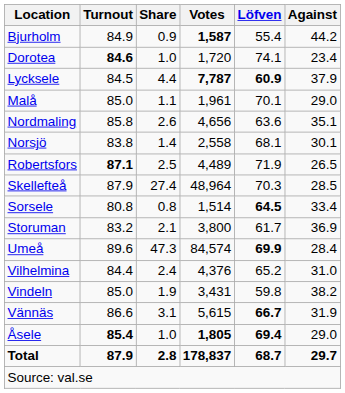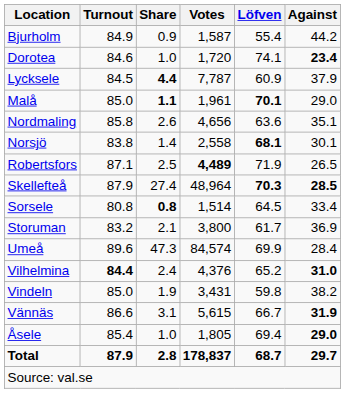 <table class="wikitable sortable" style=text-align:right>
 <tr>
 <th>Location</th>
 <th>Turnout</th>
 <th>Share</th>
 <th>Votes</th>
 <th><a href='#'>Löfven</a></th>
 <th>Against</th>
 </tr>
 <tr>
 <td align=left><a href='#'>Bjurholm</a></td>
 <td>84.9</td>
 <td>0.9</td>
-<td><strong>1,587</strong></td>
+<td>1,587</td>
 <td>55.4</td>
 <td>44.2</td>
 </tr>
 <tr>
 <td align=left><a href='#'>Dorotea</a></td>
-<td><strong>84.6</strong></td>
+<td>84.6</td>
 <td>1.0</td>
 <td>1,720</td>
 <td>74.1</td>
-<td>23.4</td>
+<td><strong>23.4</strong></td>
 </tr>
 <tr>
 <td align=left><a href='#'>Lycksele</a></td>
 <td>84.5</td>
-<td>4.4</td>
-<td><strong>7,787</strong></td>
-<td><strong>60.9</strong></td>
+<td><strong>4.4</strong></td>
+<td>7,787</td>
+<td>60.9</td>
 <td>37.9</td>
 </tr>
 <tr>
 <td align=left><a href='#'>Malå</a></td>
 <td>85.0</td>
-<td>1.1</td>
+<td><strong>1.1</strong></td>
 <td>1,961</td>
-<td>70.1</td>
+<td><strong>70.1</strong></td>
 <td>29.0</td>
 </tr>
 <tr>
 <td align=left><a href='#'>Nordmaling</a></td>
 <td>85.8</td>
 <td>2.6</td>
 <td>4,656</td>
 <td>63.6</td>
 <td>35.1</td>
 </tr>
 <tr>
 <td align=left><a href='#'>Norsjö</a></td>
 <td>83.8</td>
 <td>1.4</td>
 <td>2,558</td>
-<td>68.1</td>
+<td><strong>68.1</strong></td>
 <td>30.1</td>
 </tr>
 <tr>
 <td align=left><a href='#'>Robertsfors</a></td>
-<td><strong>87.1</strong></td>
+<td>87.1</td>
 <td>2.5</td>
-<td>4,489</td>
+<td><strong>4,489</strong></td>
 <td>71.9</td>
 <td>26.5</td>
 </tr>
 <tr>
 <td align=left><a href='#'>Skellefteå</a></td>
 <td>87.9</td>
 <td>27.4</td>
 <td>48,964</td>
-<td>70.3</td>
-<td>28.5</td>
+<td><strong>70.3</strong></td>
+<td><strong>28.5</strong></td>
 </tr>
 <tr>
 <td align=left><a href='#'>Sorsele</a></td>
 <td>80.8</td>
-<td>0.8</td>
+<td><strong>0.8</strong></td>
 <td>1,514</td>
-<td><strong>64.5</strong></td>
+<td>64.5</td>
 <td>33.4</td>
 </tr>
 <tr>
 <td align=left><a href='#'>Storuman</a></td>
 <td>83.2</td>
 <td>2.1</td>
 <td>3,800</td>
 <td>61.7</td>
 <td>36.9</td>
 </tr>
 <tr>
 <td align=left><a href='#'>Umeå</a></td>
 <td>89.6</td>
 <td>47.3</td>
 <td>84,574</td>
-<td><strong>69.9</strong></td>
+<td>69.9</td>
 <td>28.4</td>
 </tr>
 <tr>
 <td align=left><a href='#'>Vilhelmina</a></td>
-<td>84.4</td>
+<td><strong>84.4</strong></td>
 <td>2.4</td>
 <td>4,376</td>
 <td>65.2</td>
-<td>31.0</td>
+<td><strong>31.0</strong></td>
 </tr>
 <tr>
 <td align=left><a href='#'>Vindeln</a></td>
 <td>85.0</td>
 <td>1.9</td>
 <td>3,431</td>
 <td>59.8</td>
 <td>38.2</td>
 </tr>
 <tr>
 <td align=left><a href='#'>Vännäs</a></td>
 <td>86.6</td>
 <td>3.1</td>
 <td>5,615</td>
-<td><strong>66.7</strong></td>
-<td>31.9</td>
+<td>66.7</td>
+<td><strong>31.9</strong></td>
 </tr>
 <tr>
 <td align=left><a href='#'>Åsele</a></td>
-<td><strong>85.4</strong></td>
+<td>85.4</td>
 <td>1.0</td>
-<td><strong>1,805</strong></td>
-<td><strong>69.4</strong></td>
-<td>29.0</td>
+<td>1,805</td>
+<td>69.4</td>
+<td><strong>29.0</strong></td>
 </tr>
 <tr>
 <td align=left><strong>Total</strong></td>
 <td><strong>87.9</strong></td>
 <td><strong>2.8</strong></td>
 <td><strong>178,837</strong></td>
 <td><strong>68.7</strong></td>
 <td><strong>29.7</strong></td>
 </tr>
 <tr>
 <td align=left colspan=6>Source: val.se</td>
 </tr>
 </table>
